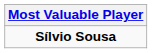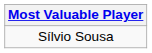 <table class=wikitable style="text-align:center; margin:auto">
 <tr>
 <th><a href='#'>Most Valuable Player</a></th>
 </tr>
 <tr>
-<td><strong> Sílvio Sousa</strong></td>
+<td> Sílvio Sousa</td>
 </tr>
 </table>
